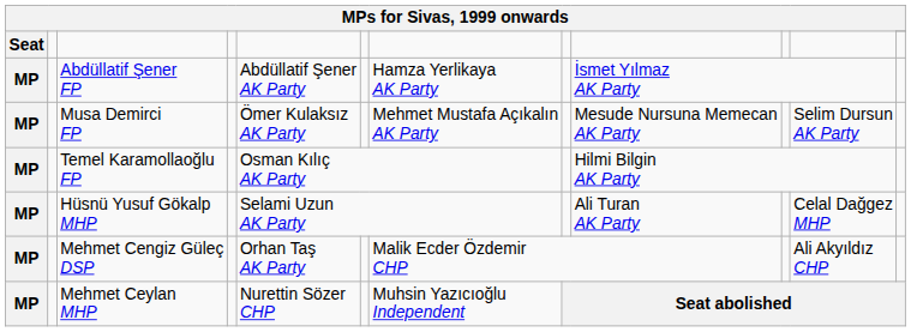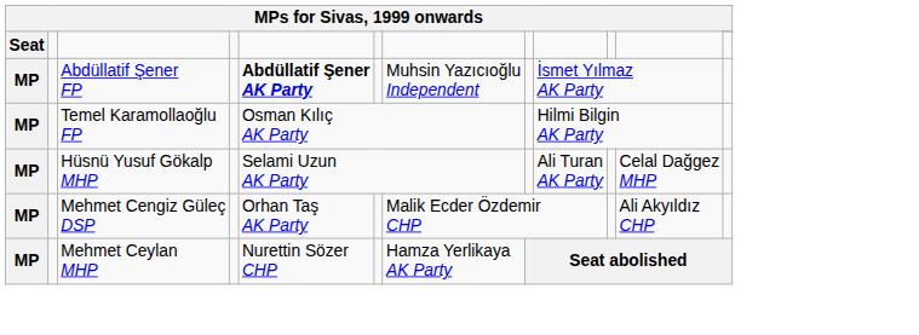 <table class="wikitable">
 <tr>
 <th colspan = 12>MPs for Sivas, 1999 onwards</th>
 </tr>
 <tr>
 <th rowspan = 2>Seat</th>
 <td rowspan="2" style="width:1px;"></td>
 <td rowspan = 2></td>
 <td rowspan="2" style="width:1px;"></td>
 <td rowspan = 2></td>
 <td rowspan="2" style="width:1px;"></td>
 <td rowspan = 2></td>
 <td rowspan="2" style="width:1px;"></td>
 <td rowspan = 2></td>
 <td rowspan="2" style="width:1px;"></td>
 <td rowspan = 2></td>
 </tr>
 <tr>
 <td></td>
 </tr>
 <tr>
 <th>MP</th>
 <td width=1px style="background-color: "></td>
 <td colspan = 1><a href='#'>Abdüllatif Şener</a><br><em><a href='#'>FP</a></em></td>
 <td width=1px style="background-color: "></td>
-<td colspan = 1>Abdüllatif Şener<br><em><a href='#'>AK Party</a></em></td>
+<td colspan = 1><strong>Abdüllatif Şener<br><em><a href='#'>AK Party</a></em></strong></td>
 <td width=1px style="background-color: "></td>
-<td colspan = 1>Hamza Yerlikaya<br><em><a href='#'>AK Party</a></em></td>
+<td colspan = 1>Muhsin Yazıcıoğlu<br><em><a href='#'>Independent</a></em></td>
 <td width=1px style="background-color: "></td>
 <td colspan = 3><a href='#'>İsmet Yılmaz</a><br><em><a href='#'>AK Party</a></em></td>
-<td width=1px style="background-color: "></td>
-</tr>
-<tr>
-<th>MP</th>
-<td width=1px style="background-color: "></td>
-<td colspan = 1>Musa Demirci<br><em><a href='#'>FP</a></em></td>
-<td width=1px style="background-color: "></td>
-<td colspan = 1>Ömer Kulaksız<br><em><a href='#'>AK Party</a></em></td>
-<td width=1px style="background-color: "></td>
-<td colspan = 1>Mehmet Mustafa Açıkalın<br><em><a href='#'>AK Party</a></em></td>
-<td width=1px style="background-color: "></td>
-<td colspan = 1>Mesude Nursuna Memecan<br><em><a href='#'>AK Party</a></em></td>
-<td width=1px style="background-color: "></td>
-<td colspan = 1>Selim Dursun<br><em><a href='#'>AK Party</a></em></td>
 <td width=1px style="background-color: "></td>
 </tr>
 <tr>
 <th>MP</th>
 <td width=1px style="background-color: "></td>
 <td colspan = 1>Temel Karamollaoğlu<br><em><a href='#'>FP</a></em></td>
 <td width=1px style="background-color: "></td>
 <td colspan = 3>Osman Kılıç<br><em><a href='#'>AK Party</a></em></td>
 <td width=1px style="background-color: "></td>
 <td colspan = 3>Hilmi Bilgin<br><em><a href='#'>AK Party</a></em></td>
 <td width=1px style="background-color: "></td>
 </tr>
 <tr>
 <th>MP</th>
 <td width=1px style="background-color: "></td>
 <td colspan = 1>Hüsnü Yusuf Gökalp<br><em><a href='#'>MHP</a></em></td>
 <td width=1px style="background-color: "></td>
 <td colspan = 3>Selami Uzun<br><em><a href='#'>AK Party</a></em></td>
 <td width=1px style="background-color: "></td>
 <td colspan = 1>Ali Turan<br><em><a href='#'>AK Party</a></em></td>
 <td width=1px style="background-color: "></td>
 <td colspan = 1>Celal Dağgez<br><em><a href='#'>MHP</a></em></td>
 <td width=1px style="background-color: "></td>
 </tr>
 <tr>
 <th>MP</th>
 <td width=1px style="background-color: "></td>
 <td colspan = 1>Mehmet Cengiz Güleç<br><em><a href='#'>DSP</a></em></td>
 <td width=1px style="background-color: "></td>
 <td colspan = 1>Orhan Taş<br><em><a href='#'>AK Party</a></em></td>
 <td width=1px style="background-color: "></td>
 <td colspan = 3>Malik Ecder Özdemir<br><em><a href='#'>CHP</a></em></td>
 <td width=1px style="background-color: "></td>
 <td colspan = 1>Ali Akyıldız<br><em><a href='#'>CHP</a></em></td>
 <td width=1px style="background-color: "></td>
 </tr>
 <tr>
 <th>MP</th>
 <td width=1px style="background-color: "></td>
 <td colspan = 1>Mehmet Ceylan<br><em><a href='#'>MHP</a></em></td>
 <td width=1px style="background-color: "></td>
 <td colspan = 1>Nurettin Sözer<br><em><a href='#'>CHP</a></em></td>
 <td width=1px style="background-color: "></td>
-<td colspan = 1>Muhsin Yazıcıoğlu<br><em><a href='#'>Independent</a></em></td>
+<td colspan = 1>Hamza Yerlikaya<br><em><a href='#'>AK Party</a></em></td>
 <th colspan = 5>Seat abolished</th>
 </tr>
 </table>
